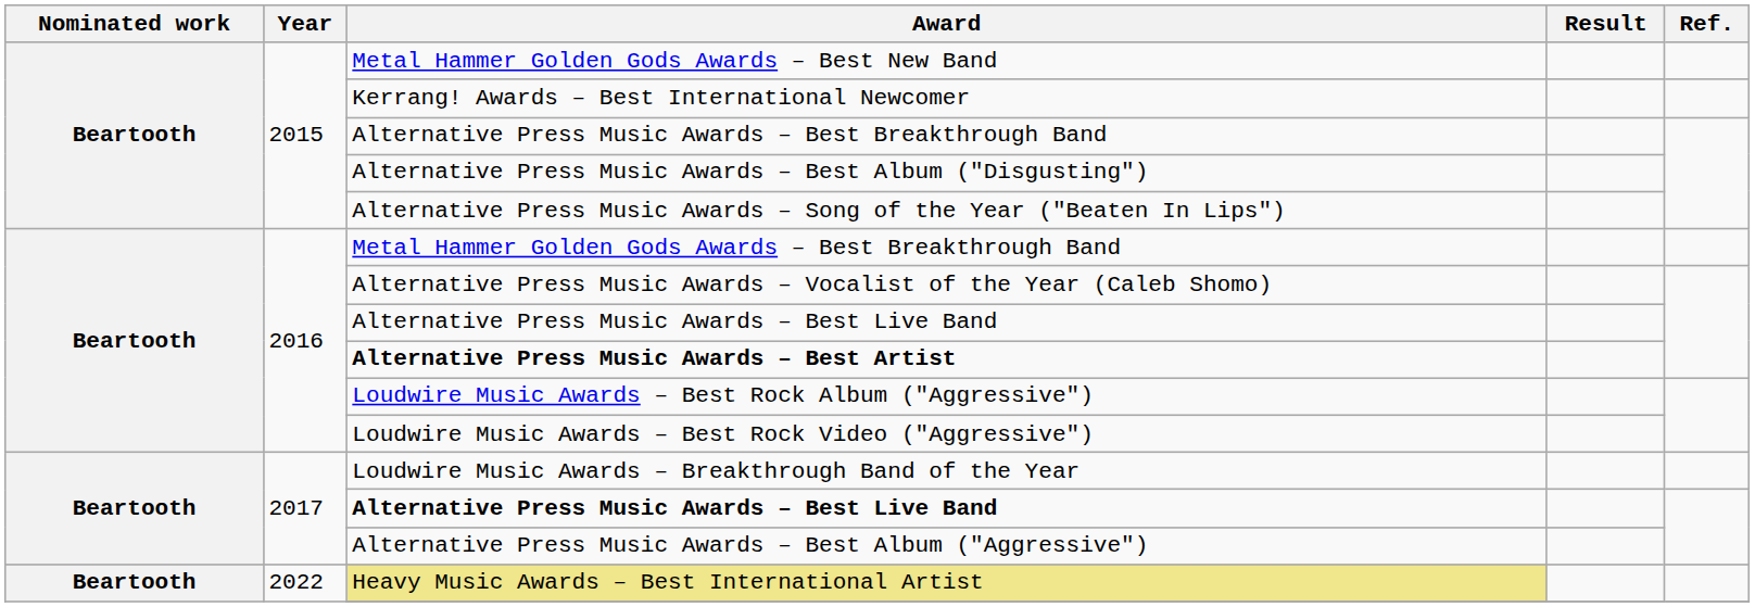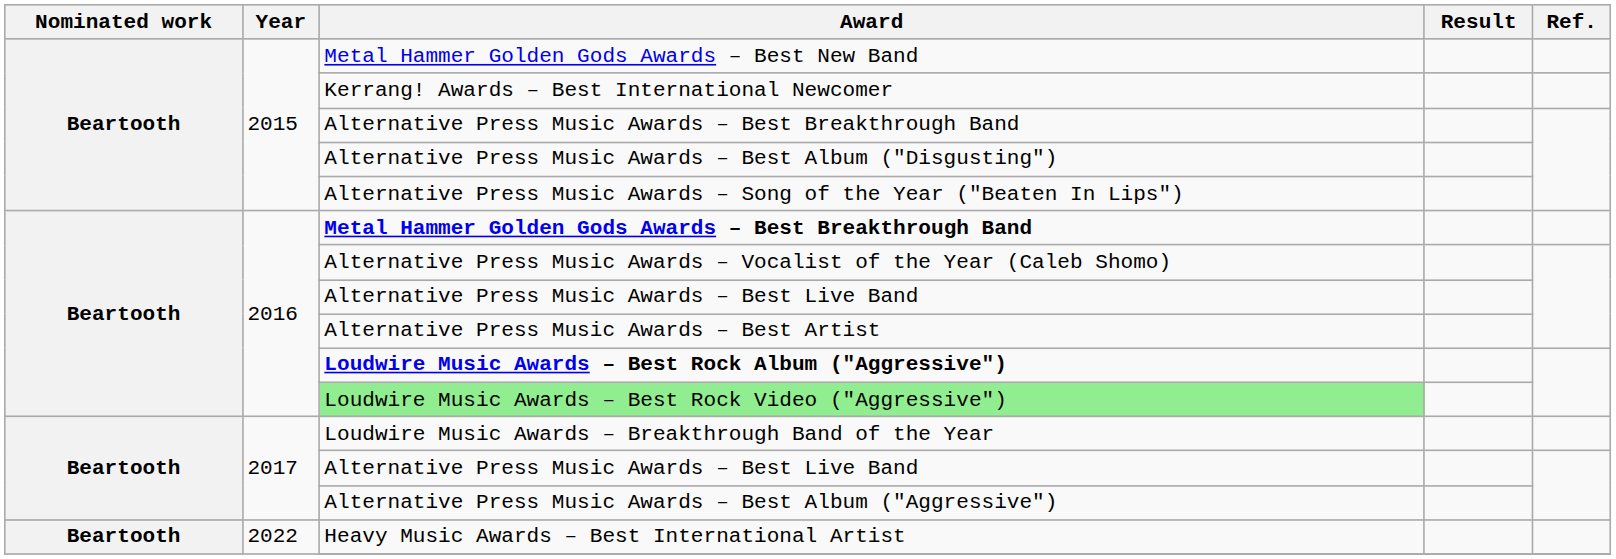 <table class="wikitable plainrowheaders" style="width:50%;">
 <tr>
 <th>Nominated work</th>
 <th>Year</th>
 <th>Award</th>
 <th>Result</th>
 <th>Ref.</th>
 </tr>
 <tr>
 <th rowspan="5" scope="row">Beartooth</th>
 <td rowspan="5">2015</td>
 <td><a href='#'>Metal Hammer Golden Gods Awards</a> – Best New Band</td>
 <td></td>
 <td></td>
 </tr>
 <tr>
 <td>Kerrang! Awards – Best International Newcomer</td>
 <td></td>
 <td></td>
 </tr>
 <tr>
 <td>Alternative Press Music Awards – Best Breakthrough Band</td>
 <td></td>
 <td rowspan="3"></td>
 </tr>
 <tr>
 <td>Alternative Press Music Awards – Best Album ("Disgusting")</td>
 <td></td>
 </tr>
 <tr>
 <td>Alternative Press Music Awards – Song of the Year ("Beaten In Lips")</td>
 <td></td>
 </tr>
 <tr>
 <th rowspan="6" scope="row">Beartooth</th>
 <td rowspan="6">2016</td>
-<td><a href='#'>Metal Hammer Golden Gods Awards</a> – Best Breakthrough Band</td>
+<td><strong><a href='#'>Metal Hammer Golden Gods Awards</a> – Best Breakthrough Band</strong></td>
 <td></td>
 <td></td>
 </tr>
 <tr>
 <td>Alternative Press Music Awards – Vocalist of the Year (Caleb Shomo)</td>
 <td></td>
 <td rowspan="3"></td>
 </tr>
 <tr>
 <td>Alternative Press Music Awards – Best Live Band</td>
 <td></td>
 </tr>
 <tr>
-<td><strong>Alternative Press Music Awards – Best Artist</strong></td>
+<td>Alternative Press Music Awards – Best Artist</td>
 <td></td>
 </tr>
 <tr>
-<td><a href='#'>Loudwire Music Awards</a> – Best Rock Album ("Aggressive")</td>
+<td><strong><a href='#'>Loudwire Music Awards</a> – Best Rock Album ("Aggressive")</strong></td>
 <td></td>
 <td rowspan="2"></td>
 </tr>
 <tr>
-<td>Loudwire Music Awards – Best Rock Video ("Aggressive")</td>
+<td style="background: lightgreen;">Loudwire Music Awards – Best Rock Video ("Aggressive")</td>
 <td></td>
 </tr>
 <tr>
 <th rowspan="3" scope="row">Beartooth</th>
 <td rowspan="3">2017</td>
 <td>Loudwire Music Awards – Breakthrough Band of the Year</td>
 <td></td>
 <td></td>
 </tr>
 <tr>
-<td><strong>Alternative Press Music Awards – Best Live Band</strong></td>
+<td>Alternative Press Music Awards – Best Live Band</td>
 <td></td>
 <td rowspan="2"></td>
 </tr>
 <tr>
 <td>Alternative Press Music Awards – Best Album ("Aggressive")</td>
 <td></td>
 </tr>
 <tr>
 <th rowspan="2" scope="row">Beartooth</th>
 <td rowspan="2">2022</td>
-<td style="background: khaki;">Heavy Music Awards – Best International Artist</td>
+<td>Heavy Music Awards – Best International Artist</td>
 <td></td>
 <td></td>
 </tr>
 <tr>
 </tr>
 </table>
